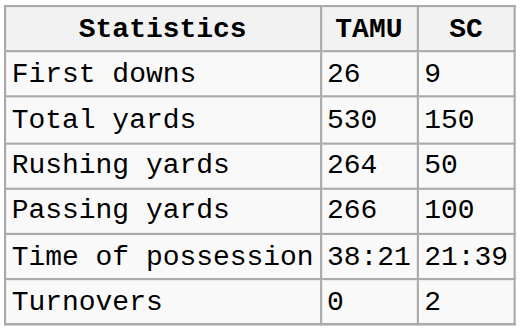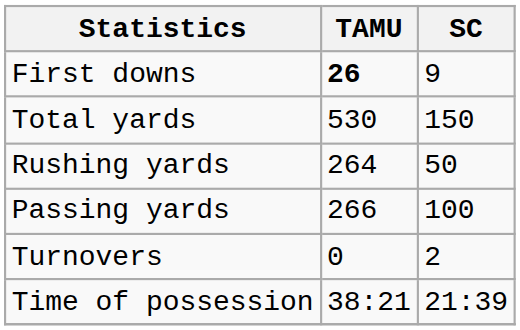 <table class="wikitable" style="float: left;">
 <tr>
 <th>Statistics</th>
 <th>TAMU</th>
 <th>SC</th>
 </tr>
 <tr>
 <td>First downs</td>
-<td>26</td>
+<td><strong>26</strong></td>
 <td>9</td>
 </tr>
 <tr>
 <td>Total yards</td>
 <td>530</td>
 <td>150</td>
 </tr>
 <tr>
 <td>Rushing yards</td>
 <td>264</td>
 <td>50</td>
 </tr>
 <tr>
 <td>Passing yards</td>
 <td>266</td>
 <td>100</td>
 </tr>
 <tr>
+<td>Turnovers</td>
+<td>0</td>
+<td>2</td>
+</tr>
+<tr>
 <td>Time of possession</td>
 <td>38:21</td>
 <td>21:39</td>
 </tr>
 <tr>
-<td>Turnovers</td>
-<td>0</td>
-<td>2</td>
-</tr>
-<tr>
 </tr>
 </table>
